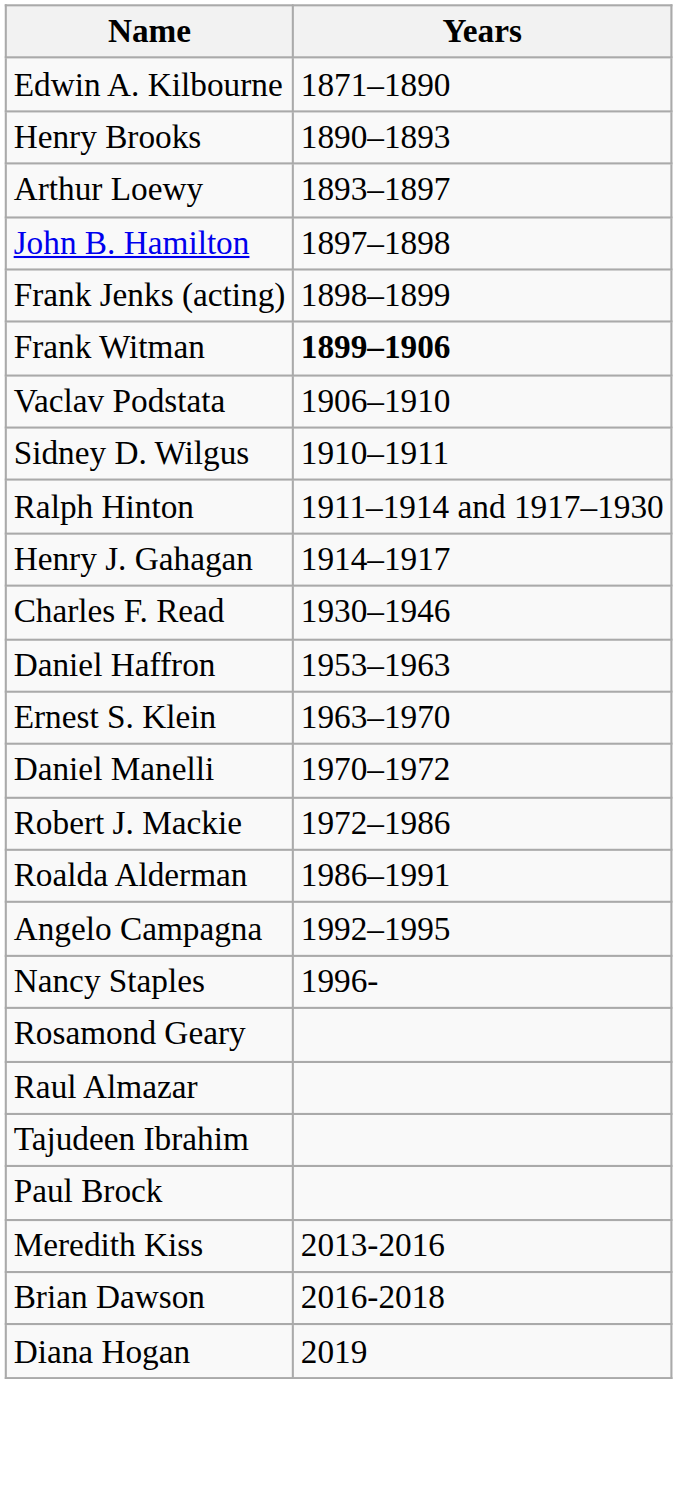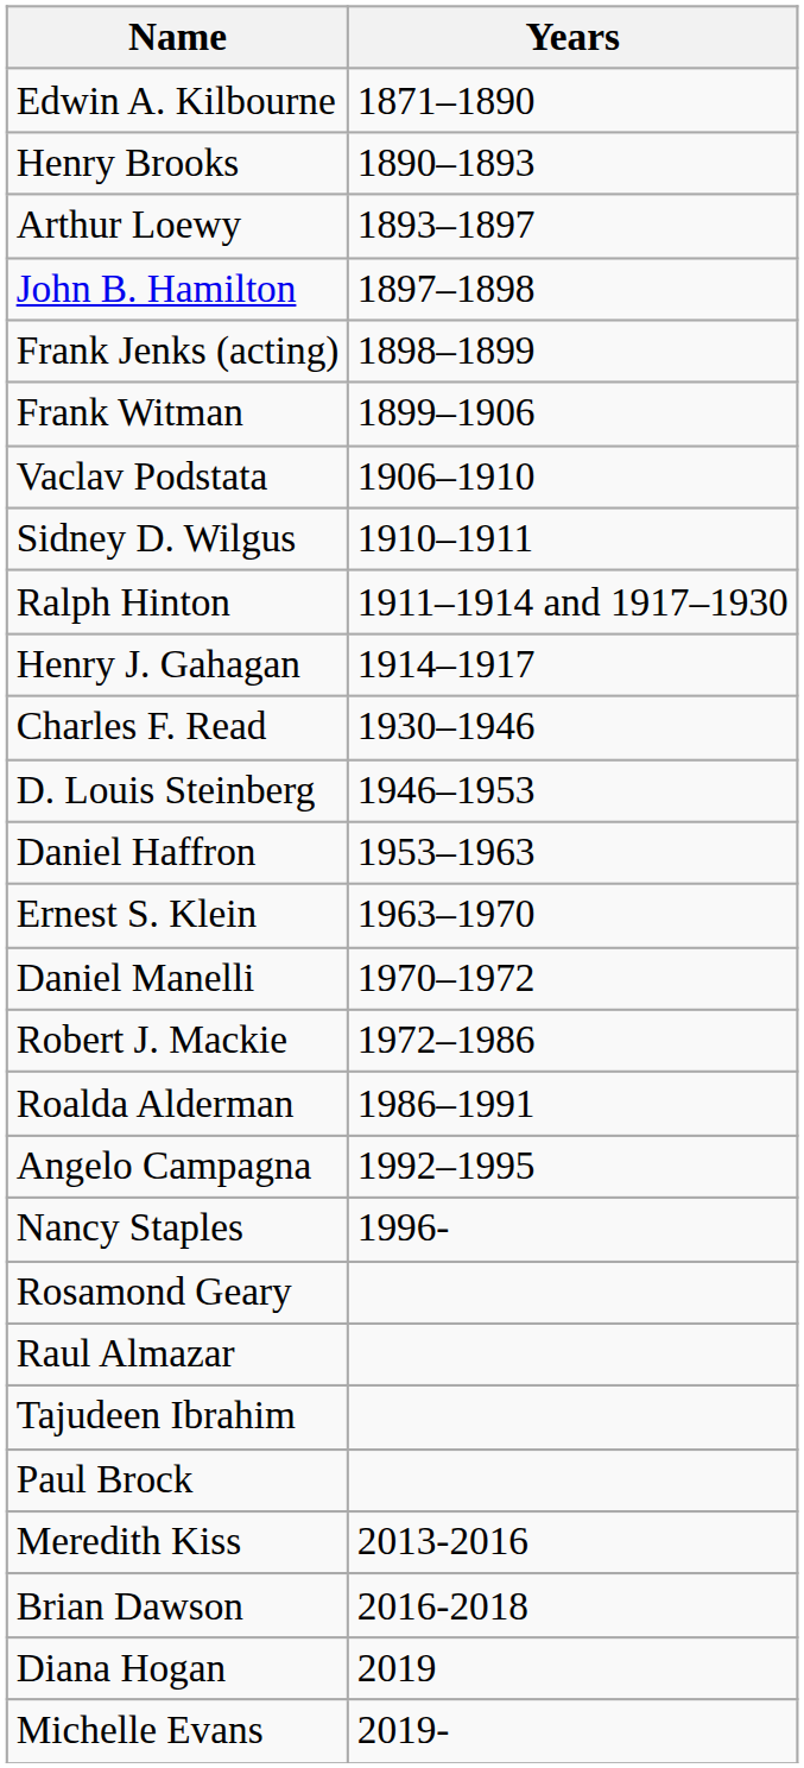 <table class="wikitable"  style="display:inline-table; float:right;">
 <tr>
 <th>Name</th>
 <th>Years</th>
 </tr>
 <tr>
 <td>Edwin A. Kilbourne</td>
 <td>1871–1890</td>
 </tr>
 <tr>
 <td>Henry Brooks</td>
 <td>1890–1893</td>
 </tr>
 <tr>
 <td>Arthur Loewy</td>
 <td>1893–1897</td>
 </tr>
 <tr>
 <td><a href='#'>John B. Hamilton</a></td>
 <td>1897–1898</td>
 </tr>
 <tr>
 <td>Frank Jenks (acting)</td>
 <td>1898–1899</td>
 </tr>
 <tr>
 <td>Frank Witman</td>
-<td><strong>1899–1906</strong></td>
+<td>1899–1906</td>
 </tr>
 <tr>
 <td>Vaclav Podstata</td>
 <td>1906–1910</td>
 </tr>
 <tr>
 <td>Sidney D. Wilgus</td>
 <td>1910–1911</td>
 </tr>
 <tr>
 <td>Ralph Hinton</td>
 <td>1911–1914 and 1917–1930</td>
 </tr>
 <tr>
 <td>Henry J. Gahagan</td>
 <td>1914–1917</td>
 </tr>
 <tr>
 <td>Charles F. Read</td>
 <td>1930–1946</td>
+</tr>
+<tr>
+<td>D. Louis Steinberg</td>
+<td>1946–1953</td>
 </tr>
 <tr>
 <td>Daniel Haffron</td>
 <td>1953–1963</td>
 </tr>
 <tr>
 <td>Ernest S. Klein</td>
 <td>1963–1970</td>
 </tr>
 <tr>
 <td>Daniel Manelli</td>
 <td>1970–1972</td>
 </tr>
 <tr>
 <td>Robert J. Mackie</td>
 <td>1972–1986</td>
 </tr>
 <tr>
 <td>Roalda Alderman</td>
 <td>1986–1991</td>
 </tr>
 <tr>
 <td>Angelo Campagna</td>
 <td>1992–1995</td>
 </tr>
 <tr>
 <td>Nancy Staples</td>
 <td>1996-</td>
 </tr>
 <tr>
 <td>Rosamond Geary</td>
 <td></td>
 </tr>
 <tr>
 <td>Raul Almazar</td>
 <td></td>
 </tr>
 <tr>
 <td>Tajudeen Ibrahim</td>
 <td></td>
 </tr>
 <tr>
 <td>Paul Brock</td>
 <td></td>
 </tr>
 <tr>
 <td>Meredith Kiss</td>
 <td>2013-2016</td>
 </tr>
 <tr>
 <td>Brian Dawson</td>
 <td>2016-2018</td>
 </tr>
 <tr>
 <td>Diana Hogan</td>
 <td>2019</td>
 </tr>
+<tr>
+<td>Michelle Evans</td>
+<td>2019-</td>
+</tr>
 </table>
